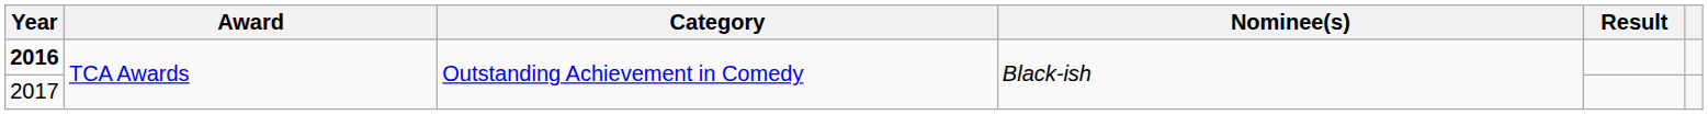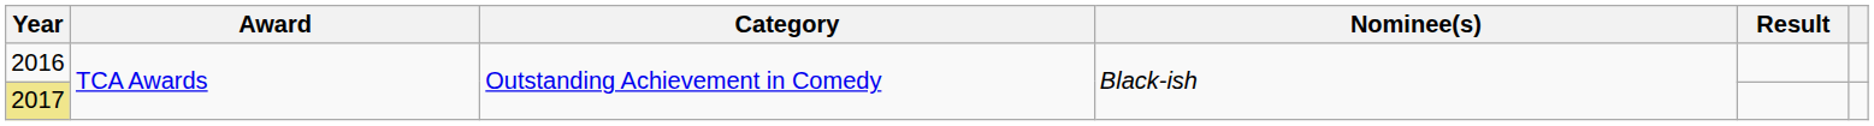 <table class="wikitable sortable" style="width:98%">
 <tr>
 <th scope="col" style="width:3%;">Year</th>
 <th scope="col" style="width:22%;">Award</th>
 <th scope="col" style="width:33%;">Category</th>
 <th>Nominee(s)</th>
 <th scope="col" style="width:6%;">Result</th>
 <th scope="col" class="unsortable" style="width:1%;"></th>
 </tr>
 <tr>
-<td><strong>2016</strong></td>
+<td>2016</td>
 <td rowspan="2"><a href='#'>TCA Awards</a></td>
 <td rowspan="2"><a href='#'>Outstanding Achievement in Comedy</a></td>
 <td rowspan="2"><em>Black-ish</em></td>
 <td></td>
 <td></td>
 </tr>
 <tr>
-<td>2017</td>
+<td style="background: khaki;">2017</td>
 <td></td>
 </tr>
 </table>
